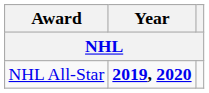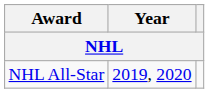 <table class="wikitable">
 <tr>
 <th>Award</th>
 <th>Year</th>
 <th></th>
 </tr>
 <tr>
 <th colspan="3"><a href='#'>NHL</a></th>
 </tr>
 <tr>
 <td><a href='#'>NHL All-Star</a></td>
-<td><strong><a href='#'>2019</a>, <a href='#'>2020</a></strong></td>
+<td><a href='#'>2019</a>, <a href='#'>2020</a></td>
 </tr>
 </table>
